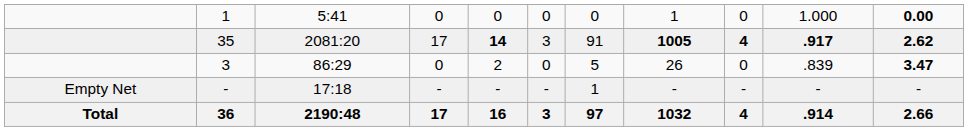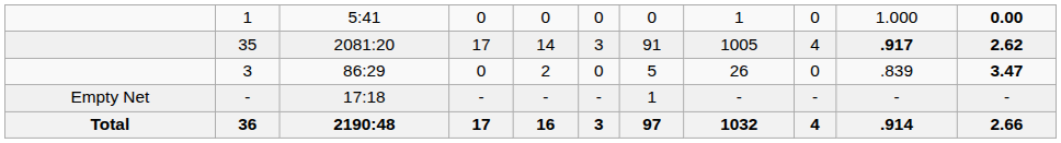 <table class="wikitable sortable" width ="1000">
 <tr align="center">
 </tr>
 <tr align="center" bgcolor="">
 <td></td>
 <td>1</td>
 <td>5:41</td>
 <td>0</td>
 <td>0</td>
 <td>0</td>
 <td>0</td>
 <td>1</td>
 <td>0</td>
 <td>1.000</td>
 <td><strong>0.00</strong></td>
 </tr>
 <tr align="center" bgcolor="f0f0f0">
 <td></td>
 <td>35</td>
 <td>2081:20</td>
 <td>17</td>
-<td><strong>14</strong></td>
+<td>14</td>
 <td>3</td>
 <td>91</td>
-<td><strong>1005</strong></td>
-<td><strong>4</strong></td>
+<td>1005</td>
+<td>4</td>
 <td><strong>.917</strong></td>
 <td><strong>2.62</strong></td>
 </tr>
 <tr align="center" bgcolor="">
 <td></td>
 <td>3</td>
 <td>86:29</td>
 <td>0</td>
 <td>2</td>
 <td>0</td>
 <td>5</td>
 <td>26</td>
 <td>0</td>
 <td>.839</td>
 <td><strong>3.47</strong></td>
 </tr>
 <tr align="center" bgcolor="f0f0f0">
 <td>Empty Net</td>
 <td>-</td>
 <td>17:18</td>
 <td>-</td>
 <td>-</td>
 <td>-</td>
 <td>1</td>
 <td>-</td>
 <td>-</td>
 <td>-</td>
 <td>-</td>
 </tr>
 <tr>
 <th>Total</th>
 <th>36</th>
 <th>2190:48</th>
 <th>17</th>
 <th>16</th>
 <th>3</th>
 <th>97</th>
 <th>1032</th>
 <th>4</th>
 <th>.914</th>
 <th>2.66</th>
 </tr>
 </table>
